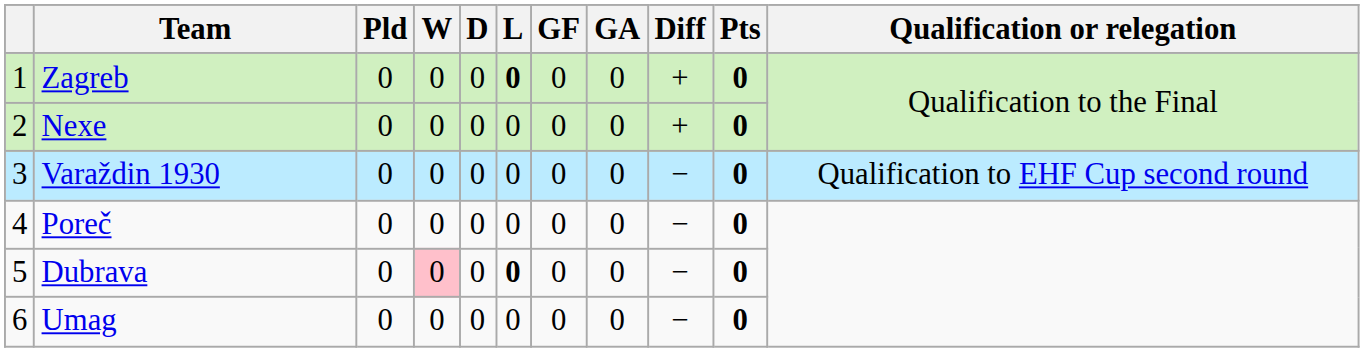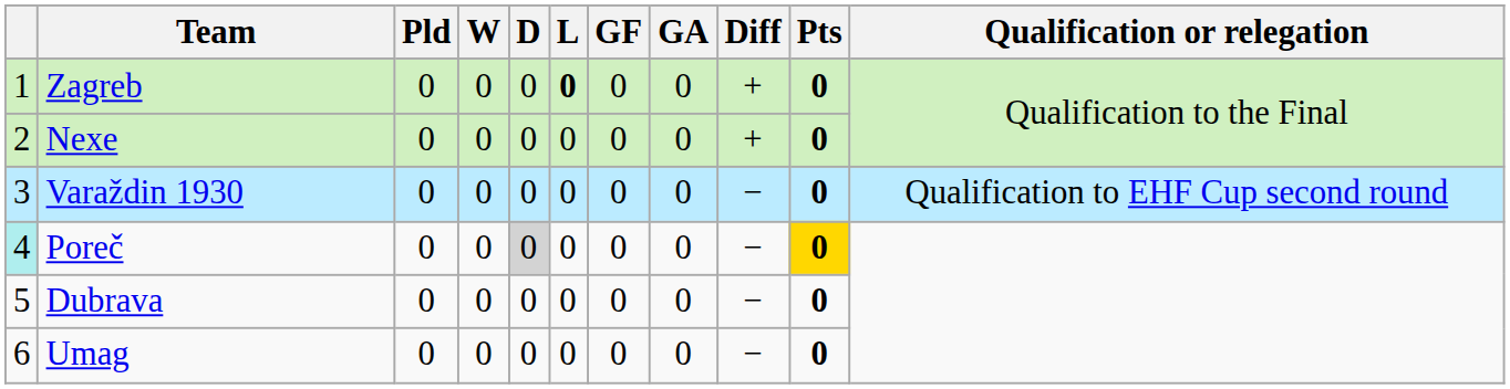 <table class="wikitable sortable" style="text-align:center">
 <tr>
 <th></th>
 <th width="160">Team</th>
 <th>Pld</th>
 <th>W</th>
 <th>D</th>
 <th>L</th>
 <th>GF</th>
 <th>GA</th>
 <th>Diff</th>
 <th>Pts</th>
 <th width="300">Qualification or relegation</th>
 </tr>
 <tr style="background: #D0F0C0;">
 <td>1</td>
 <td align=left> <a href='#'>Zagreb</a></td>
 <td>0</td>
 <td>0</td>
 <td>0</td>
 <td><strong>0</strong></td>
 <td>0</td>
 <td>0</td>
 <td>+</td>
 <td><strong>0</strong></td>
 <td rowspan="2">Qualification to the Final</td>
 </tr>
 <tr style="background: #D0F0C0;">
 <td>2</td>
 <td align=left> <a href='#'>Nexe</a></td>
 <td>0</td>
 <td>0</td>
 <td>0</td>
 <td>0</td>
 <td>0</td>
 <td>0</td>
 <td>+</td>
 <td><strong>0</strong></td>
 </tr>
 <tr style="background: #BBEBFF;">
 <td>3</td>
 <td align=left> <a href='#'>Varaždin 1930</a></td>
 <td>0</td>
 <td>0</td>
 <td>0</td>
 <td>0</td>
 <td>0</td>
 <td>0</td>
 <td>−</td>
 <td><strong>0</strong></td>
 <td>Qualification to <a href='#'>EHF Cup second round</a></td>
 </tr>
 <tr>
-<td>4</td>
+<td style="background: paleturquoise;">4</td>
 <td align=left> <a href='#'>Poreč</a></td>
 <td>0</td>
 <td>0</td>
-<td>0</td>
+<td style="background: lightgrey;">0</td>
 <td>0</td>
 <td>0</td>
 <td>0</td>
 <td>−</td>
-<td><strong>0</strong></td>
+<td style="background: gold;"><strong>0</strong></td>
 </tr>
 <tr>
 <td>5</td>
 <td align=left> <a href='#'>Dubrava</a></td>
 <td>0</td>
-<td style="background: pink;">0</td>
 <td>0</td>
-<td><strong>0</strong></td>
+<td>0</td>
+<td>0</td>
 <td>0</td>
 <td>0</td>
 <td>−</td>
 <td><strong>0</strong></td>
 </tr>
 <tr>
 <td>6</td>
 <td align=left> <a href='#'>Umag</a></td>
 <td>0</td>
 <td>0</td>
 <td>0</td>
 <td>0</td>
 <td>0</td>
 <td>0</td>
 <td>−</td>
 <td><strong>0</strong></td>
 </tr>
 </table>
